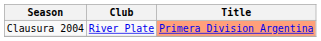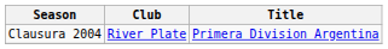 <table class="wikitable">
 <tr>
 <th>Season</th>
 <th>Club</th>
 <th>Title</th>
 </tr>
 <tr>
 <td>Clausura 2004</td>
 <td><a href='#'>River Plate</a></td>
-<td style="background: lightsalmon;"><a href='#'>Primera Division Argentina</a></td>
+<td><a href='#'>Primera Division Argentina</a></td>
 </tr>
 <tr>
 </tr>
 </table>
